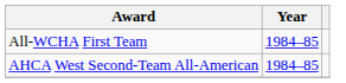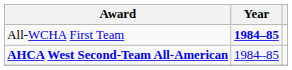 <table class="wikitable">
 <tr>
 <th>Award</th>
 <th>Year</th>
 <th></th>
 </tr>
 <tr>
 <td>All-<a href='#'>WCHA</a> <a href='#'>First Team</a></td>
-<td><a href='#'>1984–85</a></td>
+<td><strong><a href='#'>1984–85</a></strong></td>
 <td></td>
 </tr>
 <tr>
-<td><a href='#'>AHCA</a> <a href='#'>West Second-Team All-American</a></td>
+<td><strong><a href='#'>AHCA</a> <a href='#'>West Second-Team All-American</a></strong></td>
 <td><a href='#'>1984–85</a></td>
 <td></td>
 </tr>
 <tr>
 </tr>
 </table>
